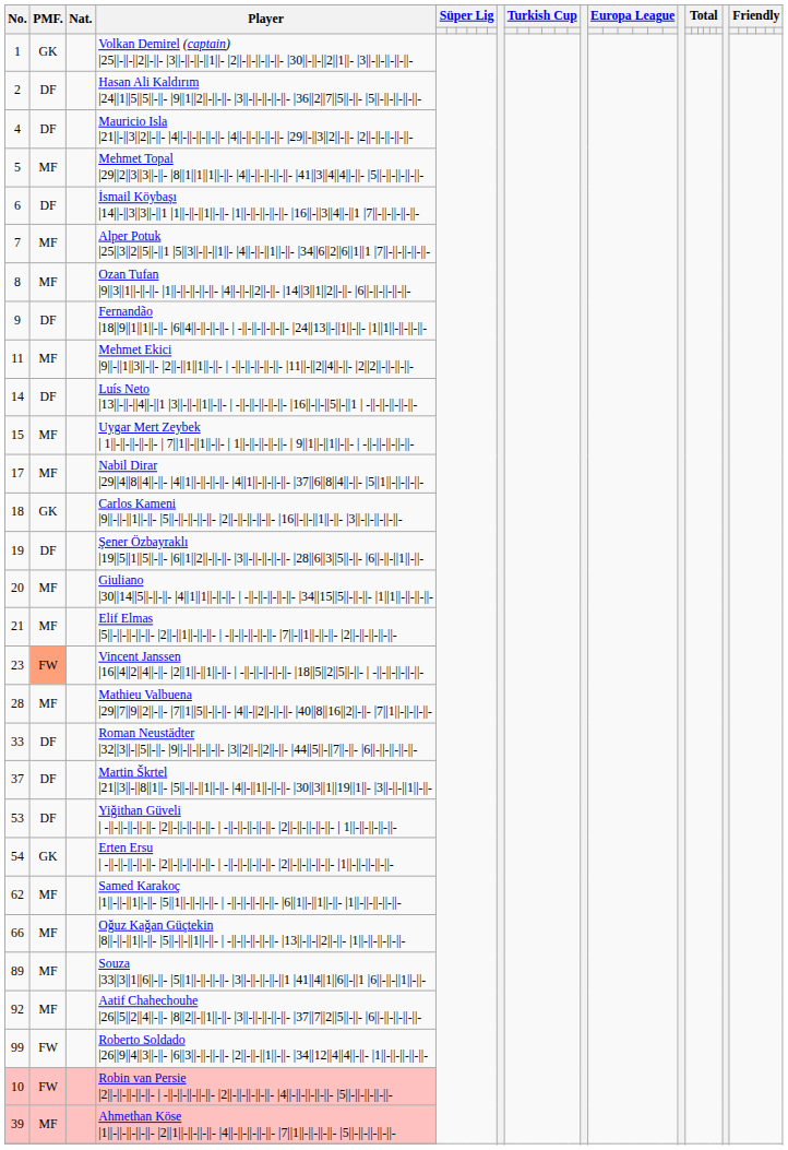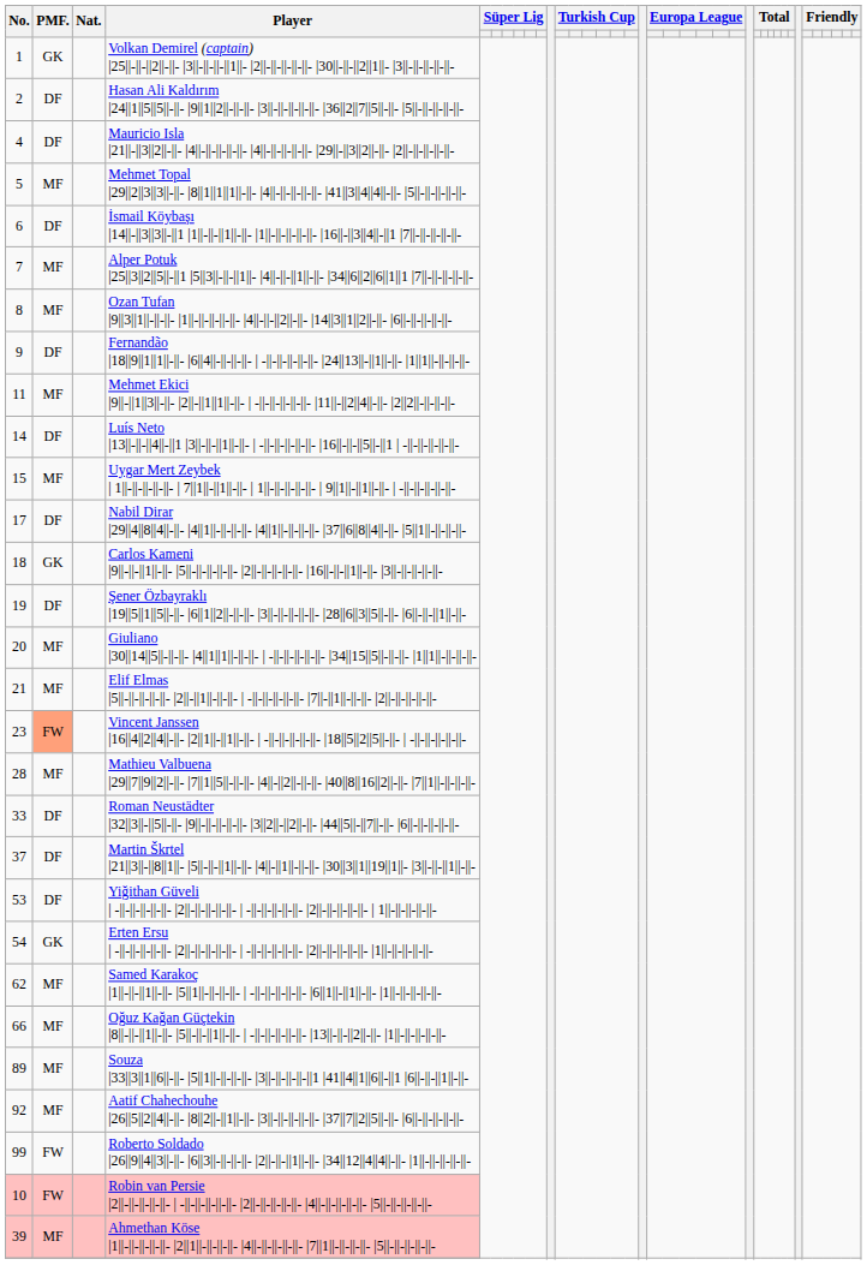 <table class="wikitable" style="text-align: center; font-size:75%;">
 <tr>
 <th rowspan="2">No.</th>
 <th rowspan="2">PMF.</th>
 <th rowspan="2">Nat.</th>
 <th rowspan="2">Player</th>
 <th colspan="6"><a href='#'>Süper Lig</a></th>
 <th rowspan="50" width="1"></th>
 <th colspan="6"><a href='#'>Turkish Cup</a></th>
 <th rowspan="50" width="1"></th>
 <th colspan="6"><a href='#'>Europa League</a></th>
 <th rowspan="50" width="1"></th>
 <th colspan="6">Total</th>
 <th rowspan="50" width="1"></th>
 <th colspan="6">Friendly</th>
 </tr>
 <tr class="unsortable">
 <th></th>
 <th></th>
 <th></th>
 <th></th>
 <th></th>
 <th></th>
 <th></th>
 <th></th>
 <th></th>
 <th></th>
 <th></th>
 <th></th>
 <th></th>
 <th></th>
 <th></th>
 <th></th>
 <th></th>
 <th></th>
 <th></th>
 <th></th>
 <th></th>
 <th></th>
 <th></th>
 <th></th>
 <th></th>
 <th></th>
 <th></th>
 <th></th>
 <th></th>
 <th></th>
 </tr>
 <tr>
 <td>1</td>
 <td>GK</td>
 <td></td>
 <td align=left><a href='#'>Volkan Demirel</a> <em>(<a href='#'>captain</a>)</em><br>          |25||-||-||2||-||-          |3||-||-||-||1||-        |2||-||-||-||-||-                |30||-||-||2||1||-                 |3||-||-||-||-||-</td>
 </tr>
 <tr>
 <td>2</td>
 <td>DF</td>
 <td></td>
 <td align=left><a href='#'>Hasan Ali Kaldırım</a><br>          |24||1||5||5||-||-          |9||1||2||-||-||-        |3||-||-||-||-||-                |36||2||7||5||-||-               |5||-||-||-||-||-</td>
 </tr>
 <tr>
 <td>4</td>
 <td>DF</td>
 <td></td>
 <td align=left><a href='#'>Mauricio Isla</a><br>          |21||-||3||2||-||-          |4||-||-||-||-||-        |4||-||-||-||-||-                |29||-||3||2||-||-                 |2||-||-||-||-||-</td>
 </tr>
 <tr>
 <td>5</td>
 <td>MF</td>
 <td></td>
 <td align=left><a href='#'>Mehmet Topal</a><br>          |29||2||3||3||-||-          |8||1||1||1||-||-        |4||-||-||-||-||-                |41||3||4||4||-||-                |5||-||-||-||-||-</td>
 </tr>
 <tr>
 <td>6</td>
 <td>DF</td>
 <td></td>
 <td align=left><a href='#'>İsmail Köybaşı</a><br>          |14||-||3||3||-||1          |1||-||-||1||-||-        |1||-||-||-||-||-                |16||-||3||4||-||1            |7||-||-||-||-||-</td>
 </tr>
 <tr>
 <td>7</td>
 <td>MF</td>
 <td></td>
 <td align=left><a href='#'>Alper Potuk</a><br>          |25||3||2||5||-||1          |5||3||-||-||1||-        |4||-||-||1||-||-                |34||6||2||6||1||1               |7||-||-||-||-||-</td>
 </tr>
 <tr>
 <td>8</td>
 <td>MF</td>
 <td></td>
 <td align=left><a href='#'>Ozan Tufan</a><br>          |9||3||1||-||-||-          |1||-||-||-||-||-        |4||-||-||2||-||-                |14||3||1||2||-||-            |6||-||-||-||-||-</td>
 </tr>
 <tr>
 <td>9</td>
 <td>DF</td>
 <td></td>
 <td align=left><a href='#'>Fernandão</a><br>          |18||9||1||1||-||-          |6||4||-||-||-||-        | -||-||-||-||-||-                |24||13||-||1||-||-               |1||1||-||-||-||-</td>
 </tr>
 <tr>
 <td>11</td>
 <td>MF</td>
 <td></td>
 <td align=left><a href='#'>Mehmet Ekici</a><br>          |9||-||1||3||-||-          |2||-||1||1||-||-        | -||-||-||-||-||-                |11||-||2||4||-||-              |2||2||-||-||-||-</td>
 </tr>
 <tr>
 <td>14</td>
 <td>DF</td>
 <td></td>
 <td align=left><a href='#'>Luís Neto</a><br>          |13||-||-||4||-||1          |3||-||-||1||-||-        | -||-||-||-||-||-                |16||-||-||5||-||1            | -||-||-||-||-||-</td>
 </tr>
 <tr>
 <td>15</td>
 <td>MF</td>
 <td></td>
 <td align=left><a href='#'>Uygar Mert Zeybek</a><br>          | 1||-||-||-||-||-          | 7||1||-||1||-||-        | 1||-||-||-||-||-                | 9||1||-||1||-||-                | -||-||-||-||-||-</td>
 </tr>
 <tr>
 <td>17</td>
-<td>MF</td>
+<td>DF</td>
 <td></td>
 <td align=left><a href='#'>Nabil Dirar</a><br>          |29||4||8||4||-||-          |4||1||-||-||-||-        |4||1||-||-||-||-                |37||6||8||4||-||-                 |5||1||-||-||-||-</td>
 </tr>
 <tr>
 <td>18</td>
 <td>GK</td>
 <td></td>
 <td align=left><a href='#'>Carlos Kameni</a><br>          |9||-||-||1||-||-          |5||-||-||-||-||-        |2||-||-||-||-||-                |16||-||-||1||-||-               |3||-||-||-||-||-</td>
 </tr>
 <tr>
 <td>19</td>
 <td>DF</td>
 <td></td>
 <td align=left><a href='#'>Şener Özbayraklı</a><br>          |19||5||1||5||-||-          |6||1||2||-||-||-        |3||-||-||-||-||-                |28||6||3||5||-||-               |6||-||-||1||-||-</td>
 </tr>
 <tr>
 <td>20</td>
 <td>MF</td>
 <td></td>
 <td align=left><a href='#'>Giuliano</a><br>          |30||14||5||-||-||-          |4||1||1||-||-||-        | -||-||-||-||-||-                |34||15||5||-||-||-                |1||1||-||-||-||-</td>
 </tr>
 <tr>
 <td>21</td>
 <td>MF</td>
 <td></td>
 <td align=left><a href='#'>Elif Elmas</a><br>          |5||-||-||-||-||-          |2||-||1||-||-||-        | -||-||-||-||-||-                |7||-||1||-||-||-               |2||-||-||-||-||-</td>
 </tr>
 <tr>
 <td>23</td>
 <td style="background: lightsalmon;">FW</td>
 <td></td>
 <td align=left><a href='#'>Vincent Janssen</a><br>          |16||4||2||4||-||-          |2||1||-||1||-||-        | -||-||-||-||-||-                |18||5||2||5||-||-               | -||-||-||-||-||-</td>
 </tr>
 <tr>
 <td>28</td>
 <td>MF</td>
 <td></td>
 <td align=left><a href='#'>Mathieu Valbuena</a><br>          |29||7||9||2||-||-          |7||1||5||-||-||-        |4||-||2||-||-||-                |40||8||16||2||-||-               |7||1||-||-||-||-</td>
 </tr>
 <tr>
 <td>33</td>
 <td>DF</td>
 <td></td>
 <td align=left><a href='#'>Roman Neustädter</a><br>          |32||3||-||5||-||-          |9||-||-||-||-||-        |3||2||-||2||-||-                |44||5||-||7||-||-                |6||-||-||-||-||-</td>
 </tr>
 <tr>
 <td>37</td>
 <td>DF</td>
 <td></td>
 <td align=left><a href='#'>Martin Škrtel</a><br>          |21||3||-||8||1||-          |5||-||-||1||-||-        |4||-||1||-||-||-                |30||3||1||19||1||-              |3||-||-||1||-||-</td>
 </tr>
 <tr>
 <td>53</td>
 <td>DF</td>
 <td></td>
 <td align=left><a href='#'>Yiğithan Güveli</a><br>          | -||-||-||-||-||-          |2||-||-||-||-||-        | -||-||-||-||-||-                |2||-||-||-||-||-                | 1||-||-||-||-||-</td>
 </tr>
 <tr>
 <td>54</td>
 <td>GK</td>
 <td></td>
 <td align=left><a href='#'>Erten Ersu</a><br>          | -||-||-||-||-||-          |2||-||-||-||-||-        | -||-||-||-||-||-                |2||-||-||-||-||-                 |1||-||-||-||-||-</td>
 </tr>
 <tr>
 <td>62</td>
 <td>MF</td>
 <td></td>
 <td align=left><a href='#'>Samed Karakoç</a><br>          |1||-||-||1||-||-          |5||1||-||-||-||-        | -||-||-||-||-||-                |6||1||-||1||-||-               |1||-||-||-||-||-</td>
 </tr>
 <tr>
 <td>66</td>
 <td>MF</td>
 <td></td>
 <td align=left><a href='#'>Oğuz Kağan Güçtekin</a><br>          |8||-||-||1||-||-          |5||-||-||1||-||-        | -||-||-||-||-||-                |13||-||-||2||-||-                 |1||-||-||-||-||-</td>
 </tr>
 <tr>
 <td>89</td>
 <td>MF</td>
 <td></td>
 <td align=left><a href='#'>Souza</a><br>          |33||3||1||6||-||-          |5||1||-||-||-||-        |3||-||-||-||-||1                |41||4||1||6||-||1            |6||-||-||1||-||-</td>
 </tr>
 <tr>
 <td>92</td>
 <td>MF</td>
 <td></td>
 <td align=left><a href='#'>Aatif Chahechouhe</a><br>          |26||5||2||4||-||-          |8||2||-||1||-||-        |3||-||-||-||-||-                |37||7||2||5||-||-               |6||-||-||-||-||-</td>
 </tr>
 <tr>
 <td>99</td>
 <td>FW</td>
 <td></td>
 <td align=left><a href='#'>Roberto Soldado</a><br>          |26||9||4||3||-||-          |6||3||-||-||-||-        |2||-||-||1||-||-                |34||12||4||4||-||-             |1||-||-||-||-||-</td>
 </tr>
 <tr bgcolor=#ffchch>
 <td>10</td>
 <td>FW</td>
 <td></td>
 <td align=left><a href='#'>Robin van Persie</a><br>          |2||-||-||-||-||-          | -||-||-||-||-||-        |2||-||-||-||-||-                |4||-||-||-||-||-               |5||-||-||-||-||-</td>
 </tr>
 <tr bgcolor=#ffchch>
 <td>39</td>
 <td>MF</td>
 <td></td>
 <td align=left><a href='#'>Ahmethan Köse</a><br>          |1||-||-||-||-||-          |2||1||-||-||-||-        |4||-||-||-||-||-                |7||1||-||-||-||-             |5||-||-||-||-||-</td>
 </tr>
 <tr>
 </tr>
 </table>
